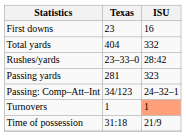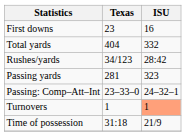 <table class="wikitable" style="float: left;">
 <tr>
 <th>Statistics</th>
 <th>Texas</th>
 <th>ISU</th>
 </tr>
 <tr>
 <td>First downs</td>
 <td>23</td>
 <td>16</td>
 </tr>
 <tr>
 <td>Total yards</td>
 <td>404</td>
 <td>332</td>
 </tr>
 <tr>
 <td>Rushes/yards</td>
-<td>23–33–0</td>
+<td>34/123</td>
 <td>28:42</td>
 </tr>
 <tr>
 <td>Passing yards</td>
 <td>281</td>
 <td>323</td>
 </tr>
 <tr>
 <td>Passing: Comp–Att–Int</td>
-<td>34/123</td>
+<td>23–33–0</td>
 <td>24–32–1</td>
 </tr>
 <tr>
 <td>Turnovers</td>
 <td>1</td>
 <td style="background: lightsalmon;">1</td>
 </tr>
 <tr>
 <td>Time of possession</td>
 <td>31:18</td>
 <td>21/9</td>
 </tr>
 <tr>
 </tr>
 </table>
